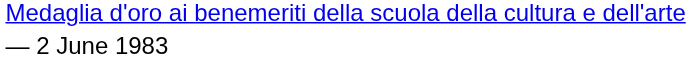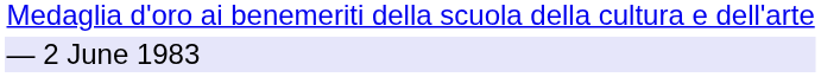 <table>
 <tr>
 <td rowspan=2 style="width:60px; vertical-align:top;"></td>
 <td><a href='#'>Medaglia d'oro ai benemeriti della scuola della cultura e dell'arte</a></td>
 </tr>
 <tr>
-<td>— 2 June 1983</td>
+<td style="background: lavender;">— 2 June 1983</td>
 </tr>
 </table>
